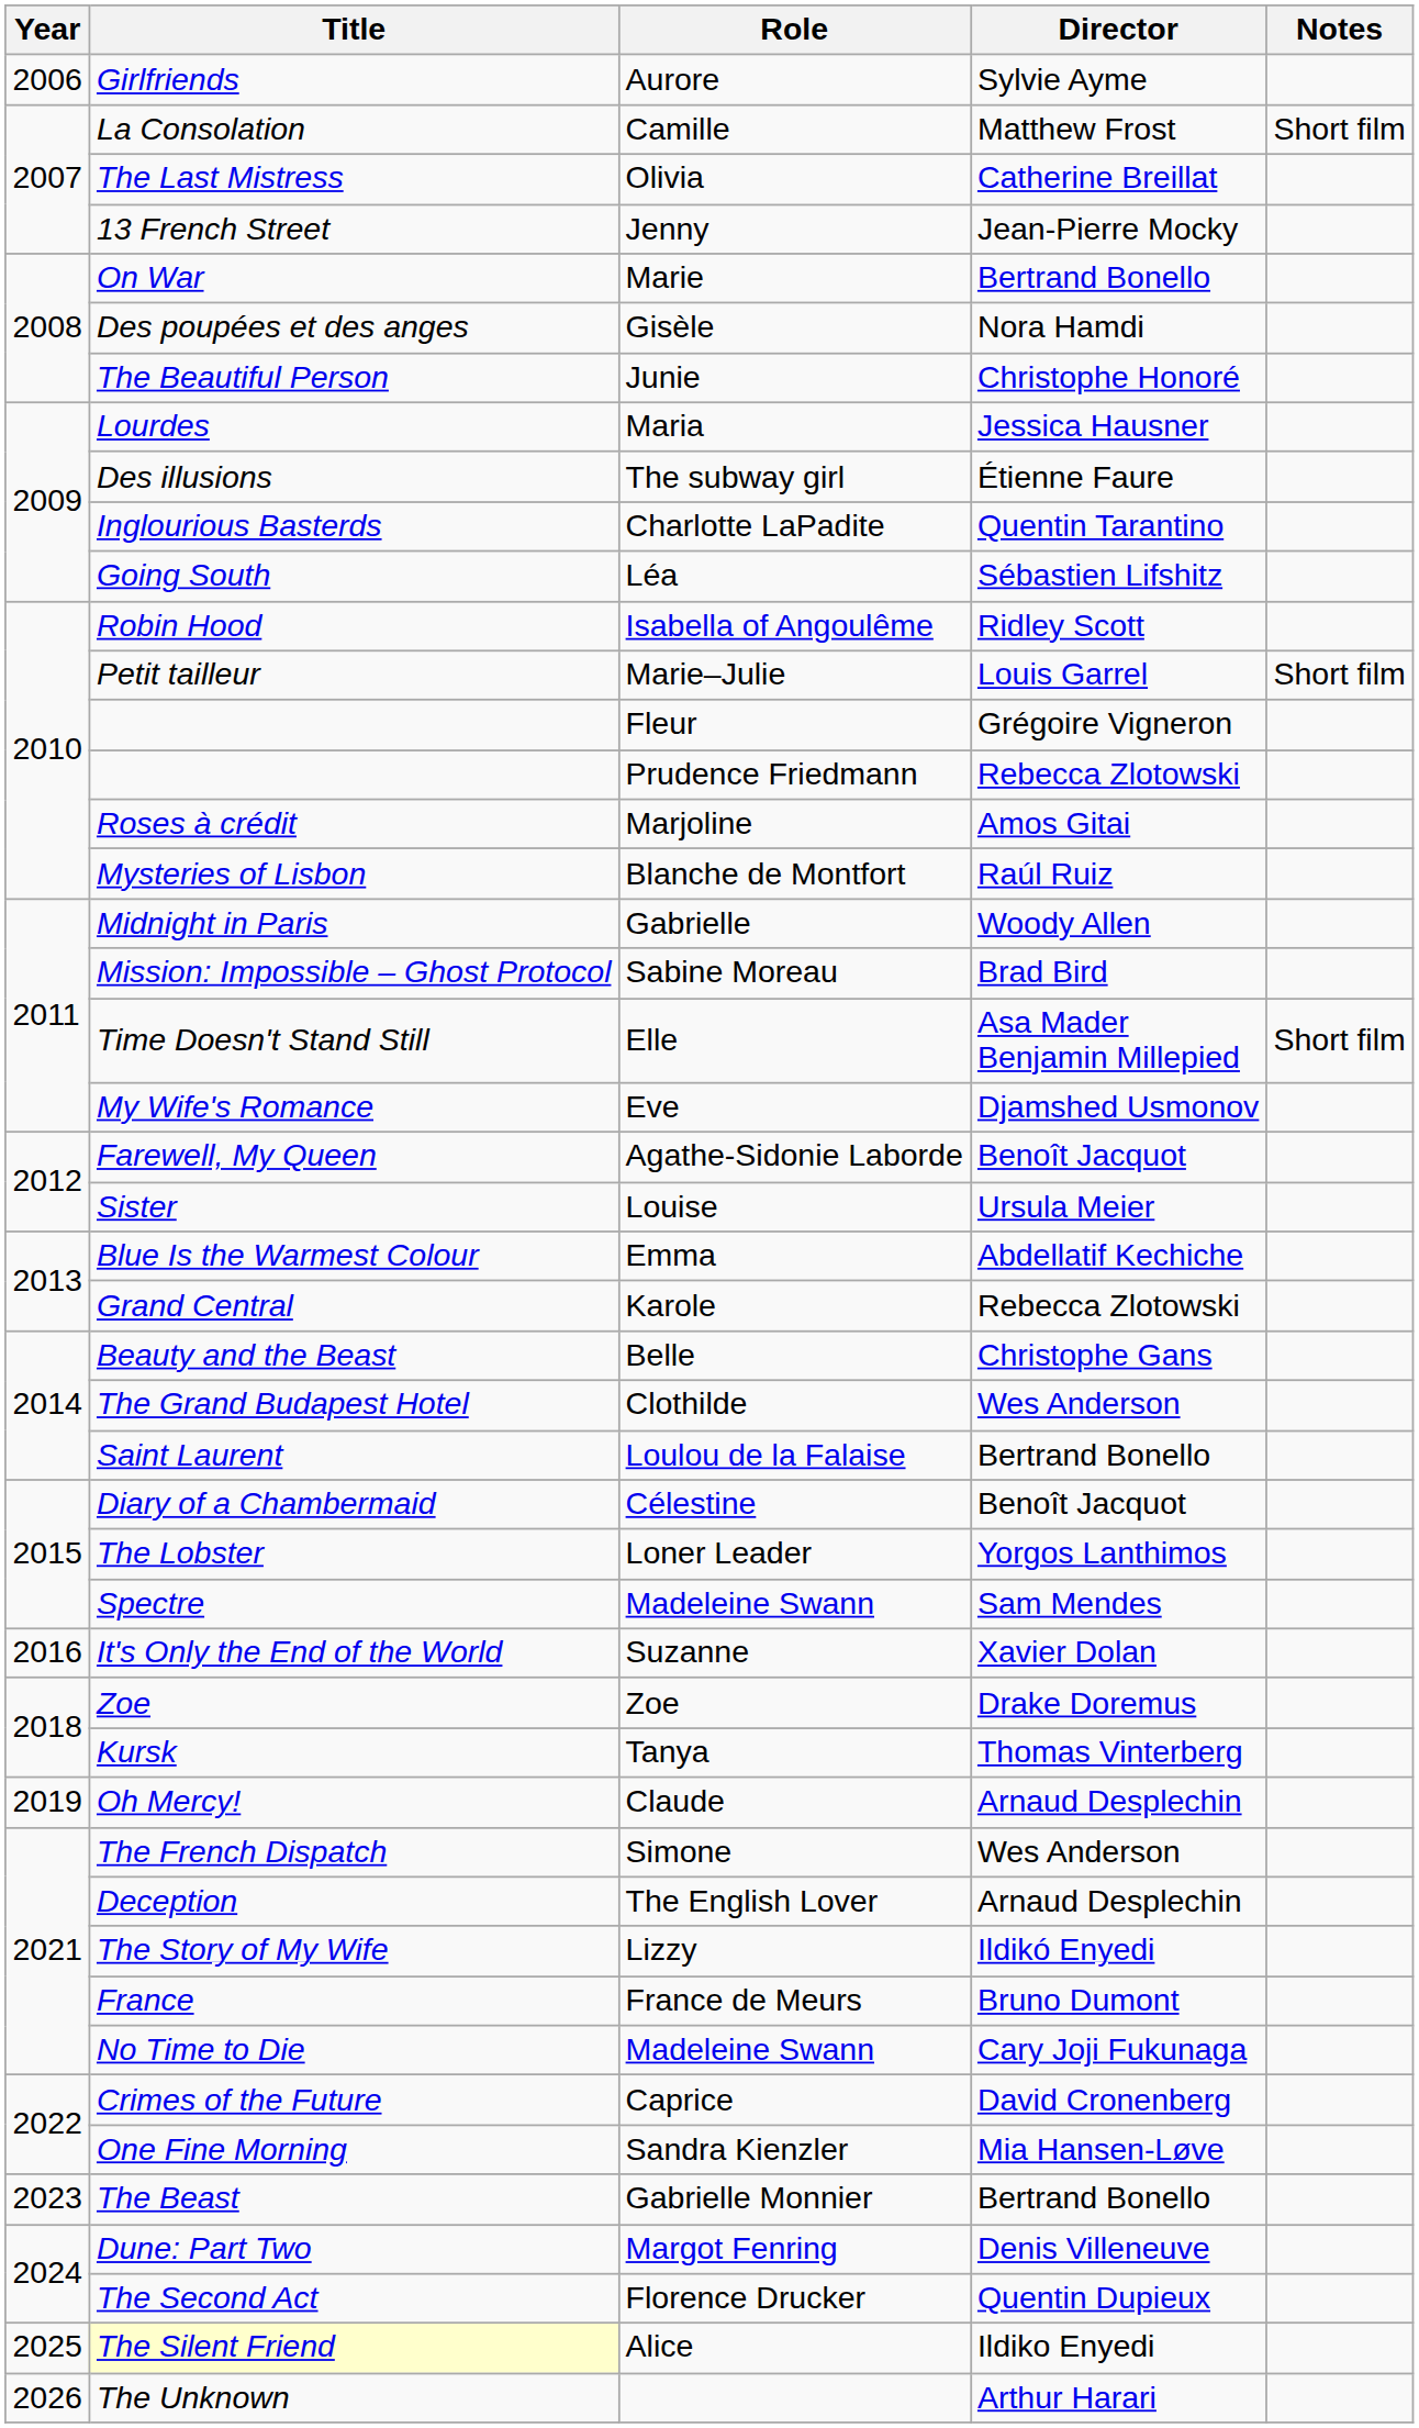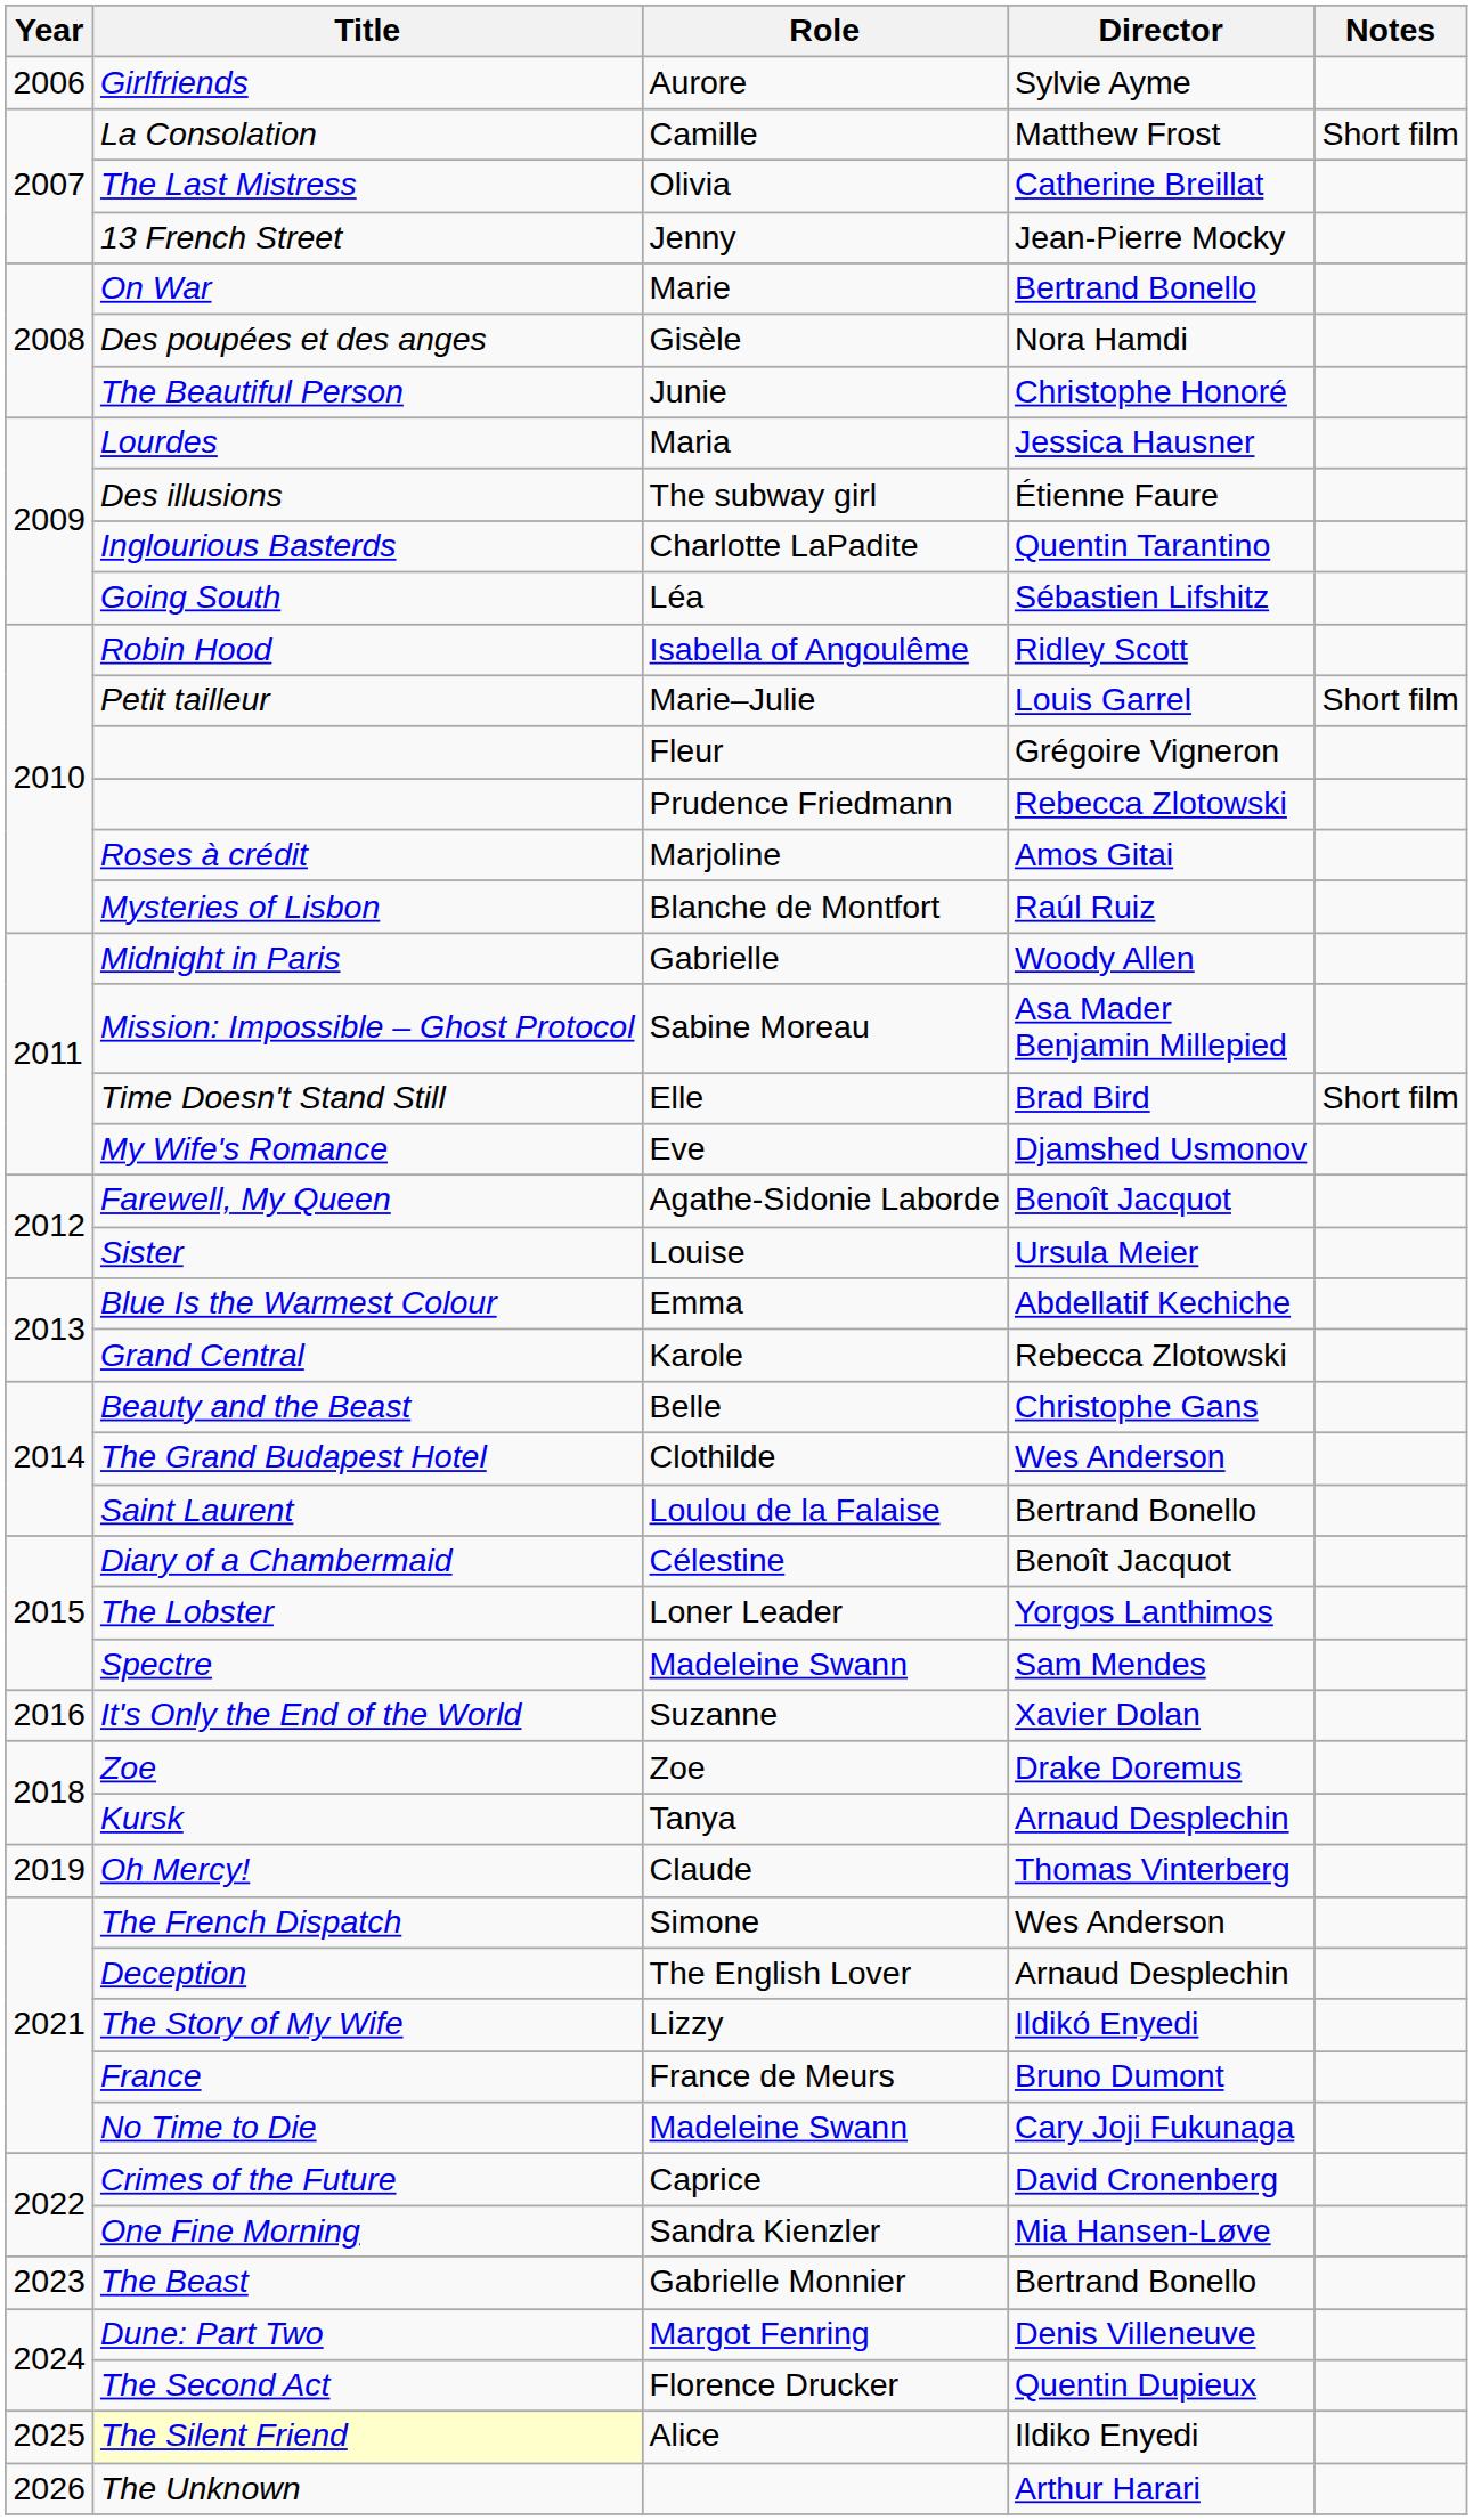 <table class="wikitable sortable">
 <tr>
 <th>Year</th>
 <th>Title</th>
 <th>Role</th>
 <th>Director</th>
 <th class="unsortable">Notes</th>
 </tr>
 <tr>
 <td>2006</td>
 <td><em><a href='#'>Girlfriends</a></em></td>
 <td>Aurore</td>
 <td>Sylvie Ayme</td>
 <td></td>
 </tr>
 <tr>
 <td rowspan="3">2007</td>
 <td><em>La Consolation</em></td>
 <td>Camille</td>
 <td>Matthew Frost</td>
 <td>Short film</td>
 </tr>
 <tr>
 <td><em><a href='#'>The Last Mistress</a></em></td>
 <td>Olivia</td>
 <td><a href='#'>Catherine Breillat</a></td>
 <td></td>
 </tr>
 <tr>
 <td><em>13 French Street</em></td>
 <td>Jenny</td>
 <td>Jean-Pierre Mocky</td>
 <td></td>
 </tr>
 <tr>
 <td rowspan="3">2008</td>
 <td><em><a href='#'>On War</a></em></td>
 <td>Marie</td>
 <td><a href='#'>Bertrand Bonello</a></td>
 <td></td>
 </tr>
 <tr>
 <td><em>Des poupées et des anges</em></td>
 <td>Gisèle</td>
 <td>Nora Hamdi</td>
 <td></td>
 </tr>
 <tr>
 <td><em><a href='#'>The Beautiful Person</a></em></td>
 <td>Junie</td>
 <td><a href='#'>Christophe Honoré</a></td>
 <td></td>
 </tr>
 <tr>
 <td rowspan="4">2009</td>
 <td><em><a href='#'>Lourdes</a></em></td>
 <td>Maria</td>
 <td><a href='#'>Jessica Hausner</a></td>
 <td></td>
 </tr>
 <tr>
 <td><em>Des illusions</em></td>
 <td>The subway girl</td>
 <td>Étienne Faure</td>
 <td></td>
 </tr>
 <tr>
 <td><em><a href='#'>Inglourious Basterds</a></em></td>
 <td>Charlotte LaPadite</td>
 <td><a href='#'>Quentin Tarantino</a></td>
 <td></td>
 </tr>
 <tr>
 <td><em><a href='#'>Going South</a></em></td>
 <td>Léa</td>
 <td><a href='#'>Sébastien Lifshitz</a></td>
 <td></td>
 </tr>
 <tr>
 <td rowspan="6">2010</td>
 <td><em><a href='#'>Robin Hood</a></em></td>
 <td><a href='#'>Isabella of Angoulême</a></td>
 <td><a href='#'>Ridley Scott</a></td>
 <td></td>
 </tr>
 <tr>
 <td><em>Petit tailleur</em></td>
 <td>Marie–Julie</td>
 <td><a href='#'>Louis Garrel</a></td>
 <td>Short film</td>
 </tr>
 <tr>
 <td></td>
 <td>Fleur</td>
 <td>Grégoire Vigneron</td>
 <td></td>
 </tr>
 <tr>
 <td></td>
 <td>Prudence Friedmann</td>
 <td><a href='#'>Rebecca Zlotowski</a></td>
 <td></td>
 </tr>
 <tr>
 <td><em><a href='#'>Roses à crédit</a></em></td>
 <td>Marjoline</td>
 <td><a href='#'>Amos Gitai</a></td>
 <td></td>
 </tr>
 <tr>
 <td><em><a href='#'>Mysteries of Lisbon</a></em></td>
 <td>Blanche de Montfort</td>
 <td><a href='#'>Raúl Ruiz</a></td>
 <td></td>
 </tr>
 <tr>
 <td rowspan="4">2011</td>
 <td><em><a href='#'>Midnight in Paris</a></em></td>
 <td>Gabrielle</td>
 <td><a href='#'>Woody Allen</a></td>
 <td></td>
 </tr>
 <tr>
 <td><em><a href='#'>Mission: Impossible – Ghost Protocol</a></em></td>
 <td>Sabine Moreau</td>
-<td><a href='#'>Brad Bird</a></td>
+<td><a href='#'>Asa Mader</a><br><a href='#'>Benjamin Millepied</a></td>
 <td></td>
 </tr>
 <tr>
 <td><em>Time Doesn't Stand Still</em></td>
 <td>Elle</td>
-<td><a href='#'>Asa Mader</a><br><a href='#'>Benjamin Millepied</a></td>
+<td><a href='#'>Brad Bird</a></td>
 <td>Short film</td>
 </tr>
 <tr>
 <td><em><a href='#'>My Wife's Romance</a></em></td>
 <td>Eve</td>
 <td><a href='#'>Djamshed Usmonov</a></td>
 <td></td>
 </tr>
 <tr>
 <td rowspan="2">2012</td>
 <td><em><a href='#'>Farewell, My Queen</a></em></td>
 <td>Agathe-Sidonie Laborde</td>
 <td><a href='#'>Benoît Jacquot</a></td>
 <td></td>
 </tr>
 <tr>
 <td><em><a href='#'>Sister</a></em></td>
 <td>Louise</td>
 <td><a href='#'>Ursula Meier</a></td>
 <td></td>
 </tr>
 <tr>
 <td rowspan="2">2013</td>
 <td><em><a href='#'>Blue Is the Warmest Colour</a></em></td>
 <td>Emma</td>
 <td><a href='#'>Abdellatif Kechiche</a></td>
 <td></td>
 </tr>
 <tr>
 <td><em><a href='#'>Grand Central</a></em></td>
 <td>Karole</td>
 <td>Rebecca Zlotowski</td>
 <td></td>
 </tr>
 <tr>
 <td rowspan="3">2014</td>
 <td><em><a href='#'>Beauty and the Beast</a></em></td>
 <td>Belle</td>
 <td><a href='#'>Christophe Gans</a></td>
 <td></td>
 </tr>
 <tr>
 <td><em><a href='#'>The Grand Budapest Hotel</a></em></td>
 <td>Clothilde</td>
 <td><a href='#'>Wes Anderson</a></td>
 <td></td>
 </tr>
 <tr>
 <td><em><a href='#'>Saint Laurent</a></em></td>
 <td><a href='#'>Loulou de la Falaise</a></td>
 <td>Bertrand Bonello</td>
 <td></td>
 </tr>
 <tr>
 <td rowspan="3">2015</td>
 <td><em><a href='#'>Diary of a Chambermaid</a></em></td>
 <td><a href='#'>Célestine</a></td>
 <td>Benoît Jacquot</td>
 <td></td>
 </tr>
 <tr>
 <td><em><a href='#'>The Lobster</a></em></td>
 <td>Loner Leader</td>
 <td><a href='#'>Yorgos Lanthimos</a></td>
 <td></td>
 </tr>
 <tr>
 <td><em><a href='#'>Spectre</a></em></td>
 <td><a href='#'>Madeleine Swann</a></td>
 <td><a href='#'>Sam Mendes</a></td>
 <td></td>
 </tr>
 <tr>
 <td>2016</td>
 <td><em><a href='#'>It's Only the End of the World</a></em></td>
 <td>Suzanne</td>
 <td><a href='#'>Xavier Dolan</a></td>
 <td></td>
 </tr>
 <tr>
 <td rowspan="2">2018</td>
 <td><em><a href='#'>Zoe</a></em></td>
 <td>Zoe</td>
 <td><a href='#'>Drake Doremus</a></td>
 <td></td>
 </tr>
 <tr>
 <td><em><a href='#'>Kursk</a></em></td>
 <td>Tanya</td>
-<td><a href='#'>Thomas Vinterberg</a></td>
+<td><a href='#'>Arnaud Desplechin</a></td>
 <td></td>
 </tr>
 <tr>
 <td>2019</td>
 <td><em><a href='#'>Oh Mercy!</a></em></td>
 <td>Claude</td>
-<td><a href='#'>Arnaud Desplechin</a></td>
+<td><a href='#'>Thomas Vinterberg</a></td>
 <td></td>
 </tr>
 <tr>
 <td rowspan="5">2021</td>
 <td><em><a href='#'>The French Dispatch</a></em></td>
 <td>Simone</td>
 <td>Wes Anderson</td>
 <td></td>
 </tr>
 <tr>
 <td><em><a href='#'>Deception</a></em></td>
 <td>The English Lover</td>
 <td>Arnaud Desplechin</td>
 <td></td>
 </tr>
 <tr>
 <td><em><a href='#'>The Story of My Wife</a></em></td>
 <td>Lizzy</td>
 <td><a href='#'>Ildikó Enyedi</a></td>
 <td></td>
 </tr>
 <tr>
 <td><em><a href='#'>France</a></em></td>
 <td>France de Meurs</td>
 <td><a href='#'>Bruno Dumont</a></td>
 <td></td>
 </tr>
 <tr>
 <td><em><a href='#'>No Time to Die</a></em></td>
 <td><a href='#'>Madeleine Swann</a></td>
 <td><a href='#'>Cary Joji Fukunaga</a></td>
 <td></td>
 </tr>
 <tr>
 <td rowspan="2">2022</td>
 <td><em><a href='#'>Crimes of the Future</a></em></td>
 <td>Caprice</td>
 <td><a href='#'>David Cronenberg</a></td>
 <td></td>
 </tr>
 <tr>
 <td><em><a href='#'>One Fine Morning</a></em></td>
 <td>Sandra Kienzler</td>
 <td><a href='#'>Mia Hansen-Løve</a></td>
 <td></td>
 </tr>
 <tr>
 <td>2023</td>
 <td><em><a href='#'>The Beast</a></em></td>
 <td>Gabrielle Monnier</td>
 <td>Bertrand Bonello</td>
 <td></td>
 </tr>
 <tr>
 <td rowspan="2">2024</td>
 <td><em><a href='#'>Dune: Part Two</a></em></td>
 <td><a href='#'>Margot Fenring</a></td>
 <td><a href='#'>Denis Villeneuve</a></td>
 <td></td>
 </tr>
 <tr>
 <td><em><a href='#'>The Second Act</a></em></td>
 <td>Florence Drucker</td>
 <td><a href='#'>Quentin Dupieux</a></td>
 <td></td>
 </tr>
 <tr>
 <td>2025</td>
 <td style="background:#FFFFCC;"><em><a href='#'>The Silent Friend</a></em> </td>
 <td>Alice</td>
 <td>Ildiko Enyedi</td>
 <td></td>
 </tr>
 <tr>
 <td>2026</td>
 <td><em>The Unknown</em></td>
 <td></td>
 <td><a href='#'>Arthur Harari</a></td>
 <td></td>
 </tr>
 </table>
